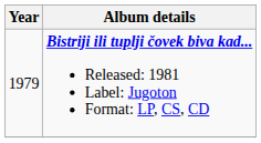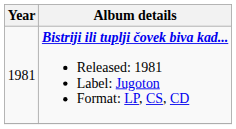 <table class ="wikitable">
 <tr>
 <th>Year</th>
 <th>Album details</th>
 </tr>
 <tr>
-<td align="center" rowspan="1">1979</td>
+<td align="center" rowspan="1">1981</td>
 <td><strong><em><a href='#'>Bistriji ili tuplji čovek biva kad...</a></em></strong><br><ul><li>Released: 1981</li><li>Label: <a href='#'>Jugoton</a></li><li>Format: <a href='#'>LP</a>, <a href='#'>CS</a>, <a href='#'>CD</a></li></ul></td>
 </tr>
 <tr>
 </tr>
 </table>
